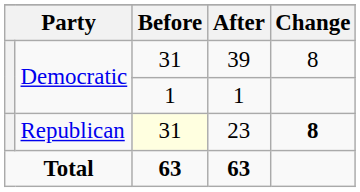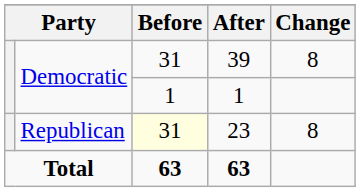 <table class="wikitable" style="text-align:center;">
 <tr>
 </tr>
 <tr>
 <th colspan=2>Party</th>
 <th>Before</th>
 <th>After</th>
 <th>Change</th>
 </tr>
 <tr>
 <th rowspan=2 style="background-color:"></th>
 <td rowspan=2 style="text-align:left;"><a href='#'>Democratic</a></td>
 <td>31</td>
 <td>39</td>
 <td> 8</td>
 </tr>
 <tr>
 <td>1</td>
 <td>1</td>
 <td></td>
 </tr>
 <tr>
 <th style="background-color:"></th>
 <td style="text-align:left;"><a href='#'>Republican</a></td>
 <td style="background: lightyellow;">31</td>
 <td>23</td>
-<td><strong> 8</strong></td>
+<td> 8</td>
 </tr>
 <tr>
 <td colspan=2><strong>Total</strong></td>
 <td><strong>63</strong></td>
 <td><strong>63</strong></td>
 <td></td>
 </tr>
 </table>
